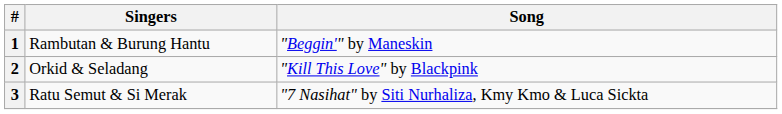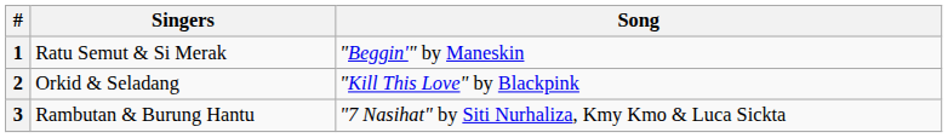 <table class="wikitable plainrowheaders" style="width: 60%; style=text-align: center;">
 <tr>
 <th>#</th>
 <th>Singers</th>
 <th>Song</th>
 </tr>
 <tr>
 <th>1</th>
-<td>Rambutan & Burung Hantu</td>
+<td>Ratu Semut & Si Merak</td>
 <td><em>"<a href='#'>Beggin'</a>"</em> by <a href='#'>Maneskin</a></td>
 </tr>
 <tr>
 <th>2</th>
 <td>Orkid & Seladang</td>
 <td><em>"<a href='#'>Kill This Love</a>"</em> by <a href='#'>Blackpink</a></td>
 </tr>
 <tr>
 <th>3</th>
-<td>Ratu Semut & Si Merak</td>
+<td>Rambutan & Burung Hantu</td>
 <td><em>"7 Nasihat"</em> by <a href='#'>Siti Nurhaliza</a>, Kmy Kmo & Luca Sickta</td>
 </tr>
 <tr>
 </tr>
 </table>
